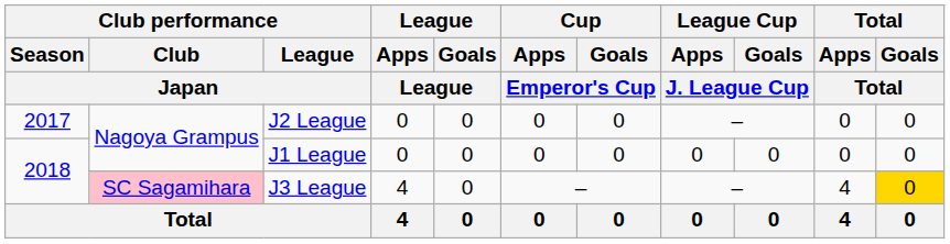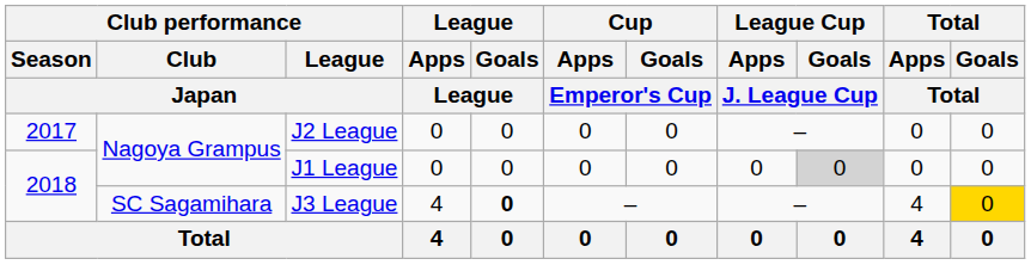 <table class="wikitable" style="text-align:center;">
 <tr>
 <th colspan=3>Club performance</th>
 <th colspan=2>League</th>
 <th colspan=2>Cup</th>
 <th colspan=2>League Cup</th>
 <th colspan=2>Total</th>
 </tr>
 <tr>
 <th>Season</th>
 <th>Club</th>
 <th>League</th>
 <th>Apps</th>
 <th>Goals</th>
 <th>Apps</th>
 <th>Goals</th>
 <th>Apps</th>
 <th>Goals</th>
 <th>Apps</th>
 <th>Goals</th>
 </tr>
 <tr>
 <th colspan=3>Japan</th>
 <th colspan=2>League</th>
 <th colspan=2><a href='#'>Emperor's Cup</a></th>
 <th colspan=2><a href='#'>J. League Cup</a></th>
 <th colspan=2>Total</th>
 </tr>
 <tr>
 <td><a href='#'>2017</a></td>
 <td rowspan="2"><a href='#'>Nagoya Grampus</a></td>
 <td><a href='#'>J2 League</a></td>
 <td>0</td>
 <td>0</td>
 <td>0</td>
 <td>0</td>
 <td colspan="2">–</td>
 <td>0</td>
 <td>0</td>
 </tr>
 <tr>
 <td rowspan="2"><a href='#'>2018</a></td>
 <td><a href='#'>J1 League</a></td>
 <td>0</td>
 <td>0</td>
 <td>0</td>
 <td>0</td>
 <td>0</td>
-<td>0</td>
+<td style="background: lightgrey;">0</td>
 <td>0</td>
 <td>0</td>
 </tr>
 <tr>
-<td style="background: pink;"><a href='#'>SC Sagamihara</a></td>
+<td><a href='#'>SC Sagamihara</a></td>
 <td><a href='#'>J3 League</a></td>
 <td>4</td>
-<td>0</td>
+<td><strong>0</strong></td>
 <td colspan="2">–</td>
 <td colspan="2">–</td>
 <td>4</td>
 <td style="background: gold;">0</td>
 </tr>
 <tr>
 <th colspan=3>Total</th>
 <th>4</th>
 <th>0</th>
 <th>0</th>
 <th>0</th>
 <th>0</th>
 <th>0</th>
 <th>4</th>
 <th>0</th>
 </tr>
 </table>
